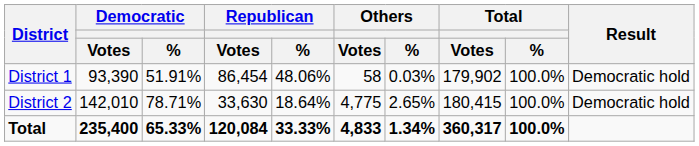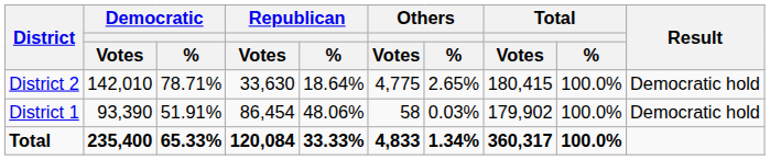 <table class="wikitable plainrowheaders sortable" style="font-size:100%; text-align:right;">
 <tr>
 <th scope=col rowspan=3><a href='#'>District</a></th>
 <th scope=col colspan=2><a href='#'>Democratic</a></th>
 <th scope=col colspan=2><a href='#'>Republican</a></th>
 <th scope=col colspan=2>Others</th>
 <th scope=col colspan=2>Total</th>
 <th scope=col rowspan=3>Result</th>
 </tr>
 <tr>
 <th scope=col colspan=2 style="background:"></th>
 <th scope=col colspan=2 style="background:"></th>
 <th scope=col colspan=2></th>
 <th scope=col colspan=2></th>
 </tr>
 <tr>
 <th scope=col data-sort-type="number">Votes</th>
 <th scope=col data-sort-type="number">%</th>
 <th scope=col data-sort-type="number">Votes</th>
 <th scope=col data-sort-type="number">%</th>
 <th scope=col data-sort-type="number">Votes</th>
 <th scope=col data-sort-type="number">%</th>
 <th scope=col data-sort-type="number">Votes</th>
 <th scope=col data-sort-type="number">%</th>
 </tr>
 <tr>
+<td align=left><a href='#'>District 2</a></td>
+<td>142,010</td>
+<td>78.71%</td>
+<td>33,630</td>
+<td>18.64%</td>
+<td>4,775</td>
+<td>2.65%</td>
+<td>180,415</td>
+<td>100.0%</td>
+<td align=left>Democratic hold</td>
+</tr>
+<tr>
 <td align=left><a href='#'>District 1</a></td>
 <td>93,390</td>
 <td>51.91%</td>
 <td>86,454</td>
 <td>48.06%</td>
 <td>58</td>
 <td>0.03%</td>
 <td>179,902</td>
-<td>100.0%</td>
-<td align=left>Democratic hold</td>
-</tr>
-<tr>
-<td align=left><a href='#'>District 2</a></td>
-<td>142,010</td>
-<td>78.71%</td>
-<td>33,630</td>
-<td>18.64%</td>
-<td>4,775</td>
-<td>2.65%</td>
-<td>180,415</td>
 <td>100.0%</td>
 <td align=left>Democratic hold</td>
 </tr>
 <tr class="sortbottom" style="font-weight:bold">
 <td align=left>Total</td>
 <td>235,400</td>
 <td>65.33%</td>
 <td>120,084</td>
 <td>33.33%</td>
 <td>4,833</td>
 <td>1.34%</td>
 <td>360,317</td>
 <td>100.0%</td>
 <td></td>
 </tr>
 </table>
